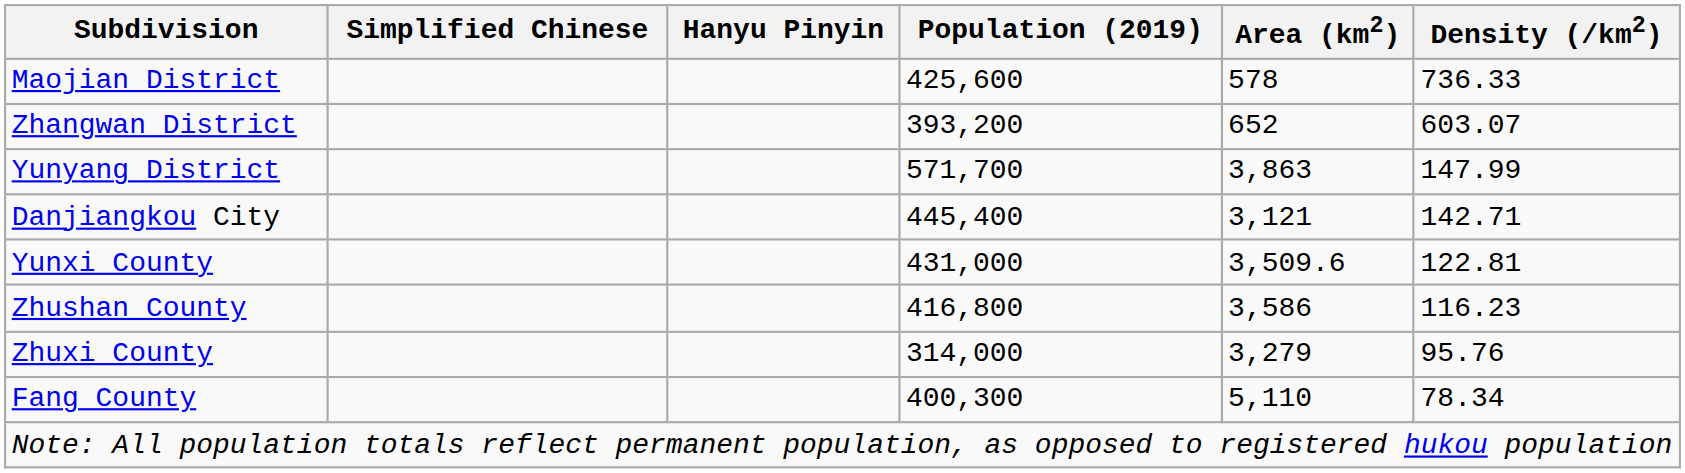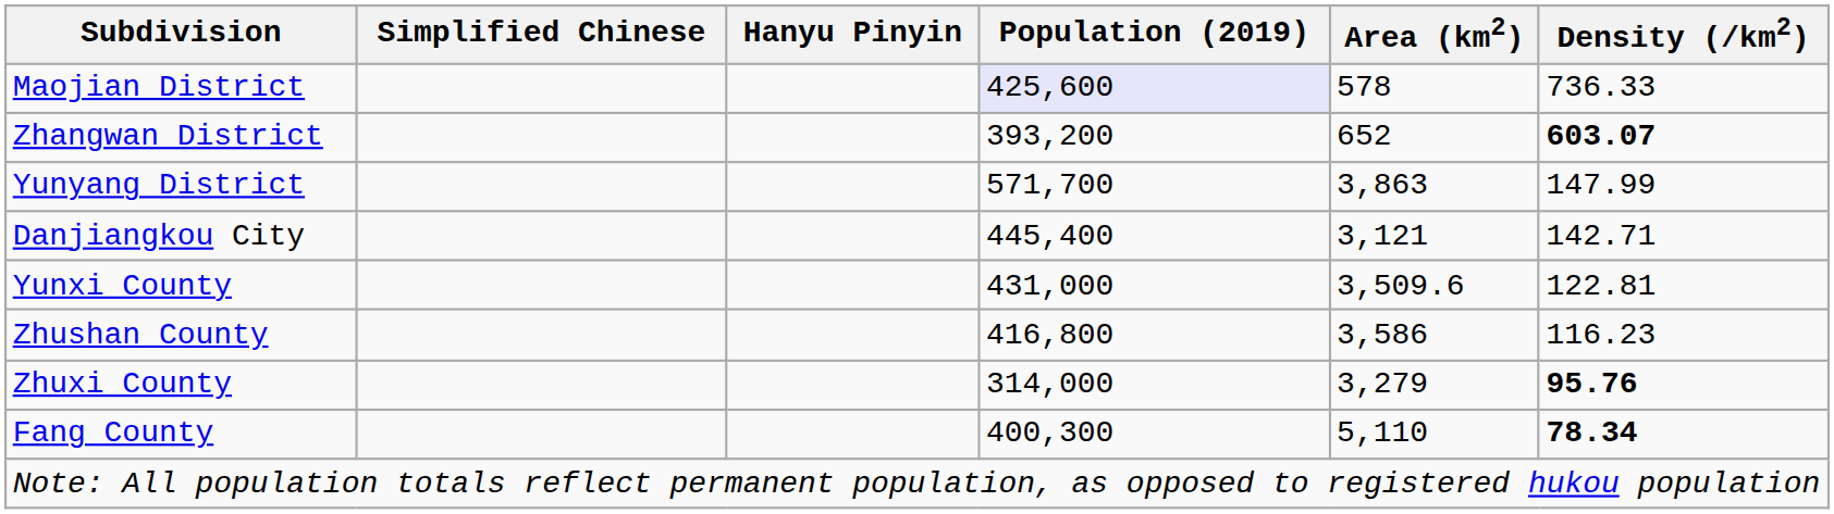 <table class="wikitable">
 <tr>
 <th>Subdivision</th>
 <th>Simplified Chinese</th>
 <th>Hanyu Pinyin</th>
 <th>Population (2019)</th>
 <th>Area (km<sup>2</sup>)</th>
 <th>Density (/km<sup>2</sup>)</th>
 </tr>
 <tr>
 <td><a href='#'>Maojian District</a></td>
 <td></td>
 <td></td>
-<td>425,600</td>
+<td style="background: lavender;">425,600</td>
 <td>578</td>
 <td>736.33</td>
 </tr>
 <tr>
 <td><a href='#'>Zhangwan District</a></td>
 <td></td>
 <td></td>
 <td>393,200</td>
 <td>652</td>
-<td>603.07</td>
+<td><strong>603.07</strong></td>
 </tr>
 <tr>
 <td><a href='#'>Yunyang District</a></td>
 <td></td>
 <td></td>
 <td>571,700</td>
 <td>3,863</td>
 <td>147.99</td>
 </tr>
 <tr>
 <td><a href='#'>Danjiangkou</a> City</td>
 <td></td>
 <td></td>
 <td>445,400</td>
 <td>3,121</td>
 <td>142.71</td>
 </tr>
 <tr>
 <td><a href='#'>Yunxi County</a></td>
 <td></td>
 <td></td>
 <td>431,000</td>
 <td>3,509.6</td>
 <td>122.81</td>
 </tr>
 <tr>
 <td><a href='#'>Zhushan County</a></td>
 <td></td>
 <td></td>
 <td>416,800</td>
 <td>3,586</td>
 <td>116.23</td>
 </tr>
 <tr>
 <td><a href='#'>Zhuxi County</a></td>
 <td></td>
 <td></td>
 <td>314,000</td>
 <td>3,279</td>
-<td>95.76</td>
+<td><strong>95.76</strong></td>
 </tr>
 <tr>
 <td><a href='#'>Fang County</a></td>
 <td></td>
 <td></td>
 <td>400,300</td>
 <td>5,110</td>
-<td>78.34</td>
+<td><strong>78.34</strong></td>
 </tr>
 <tr>
 <td colspan="6"><em>Note: All population totals reflect permanent population, as opposed to registered <a href='#'>hukou</a> population</em></td>
 </tr>
 </table>
